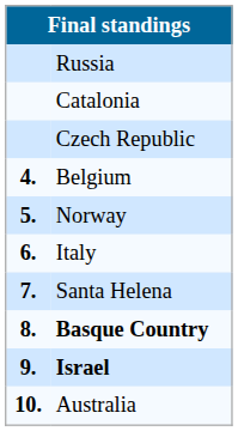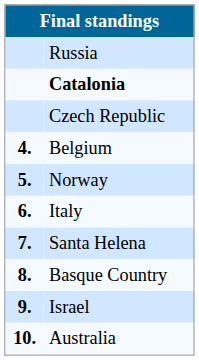 <table align=center cellpadding="4" cellspacing="0" style="background: #f9f9f9; border: 1px #aaa solid; border-collapse: collapse; font-size: 90%;" width=150>
 <tr align=center bgcolor=#006699 style="color:white;">
 <th width=100% colspan=2>Final standings</th>
 </tr>
 <tr align=center bgcolor=#D0E7FF>
 <td></td>
 <td align=left> Russia</td>
 </tr>
 <tr align=center bgcolor=#f5faff>
 <td></td>
-<td align=left> Catalonia</td>
+<td align=left><strong> Catalonia</strong></td>
 </tr>
 <tr align=center bgcolor=#D0E7FF>
 <td></td>
 <td align=left> Czech Republic</td>
 </tr>
 <tr align=center bgcolor=#f5faff>
 <td><strong>4.</strong></td>
 <td align=left> Belgium</td>
 </tr>
 <tr align=center bgcolor=#D0E7FF>
 <td><strong>5.</strong></td>
 <td align=left> Norway</td>
 </tr>
 <tr align=center bgcolor=#f5faff>
 <td><strong>6.</strong></td>
 <td align=left> Italy</td>
 </tr>
 <tr align=center bgcolor=#D0E7FF>
 <td><strong>7.</strong></td>
 <td align=left> Santa Helena</td>
 </tr>
 <tr align=center bgcolor=#f5faff>
 <td><strong>8.</strong></td>
-<td align=left><strong> Basque Country</strong></td>
+<td align=left> Basque Country</td>
 </tr>
 <tr align=center bgcolor=#D0E7FF>
 <td><strong>9.</strong></td>
-<td align=left><strong> Israel</strong></td>
+<td align=left> Israel</td>
 </tr>
 <tr align=center bgcolor=#f5faff>
 <td><strong>10.</strong></td>
 <td align=left> Australia</td>
 </tr>
 </table>
